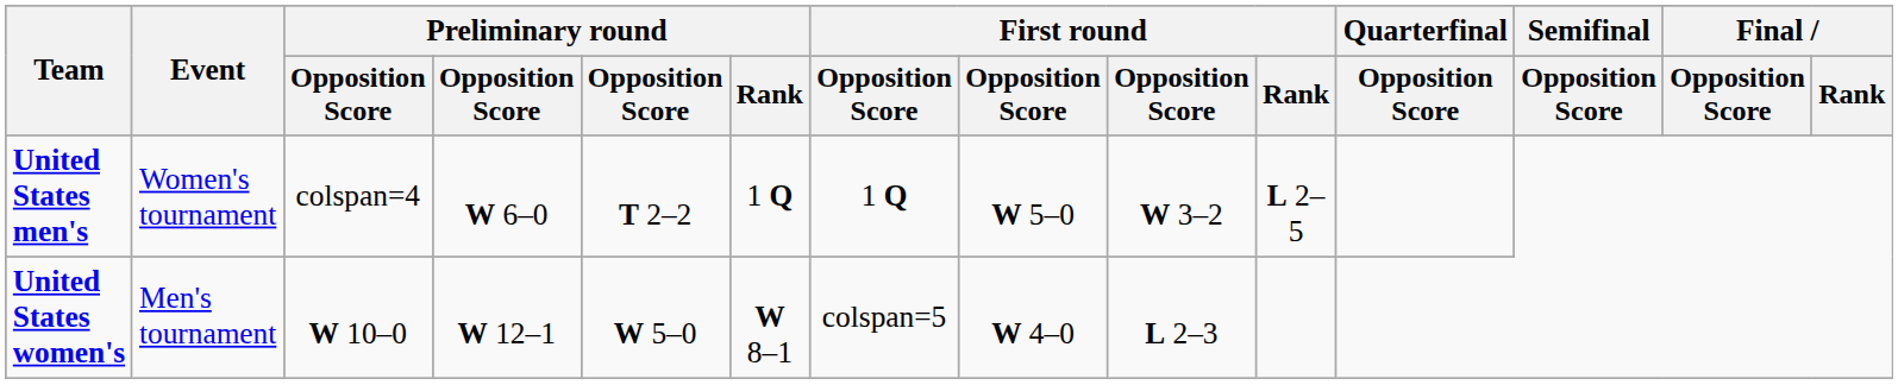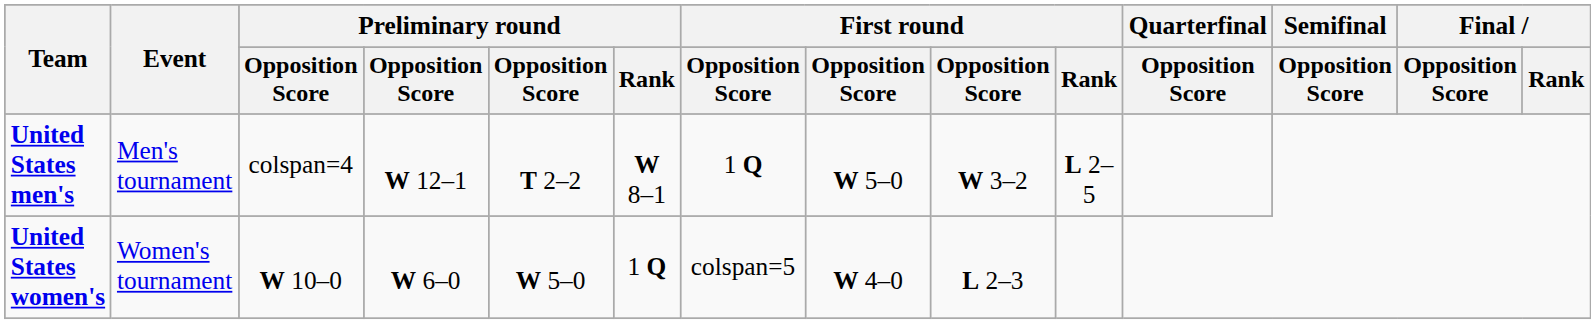 <table class=wikitable style=font-size:90%;text-align:center>
 <tr>
 <th rowspan=2>Team</th>
 <th rowspan=2>Event</th>
 <th colspan=4>Preliminary round</th>
 <th colspan=4>First round</th>
 <th>Quarterfinal</th>
 <th>Semifinal</th>
 <th colspan=2>Final / </th>
 </tr>
 <tr style=font-size:95%>
 <th>Opposition<br>Score</th>
 <th>Opposition<br>Score</th>
 <th>Opposition<br>Score</th>
 <th>Rank</th>
 <th>Opposition<br>Score</th>
 <th>Opposition<br>Score</th>
 <th>Opposition<br>Score</th>
 <th>Rank</th>
 <th>Opposition<br>Score</th>
 <th>Opposition<br>Score</th>
 <th>Opposition<br>Score</th>
 <th>Rank</th>
 </tr>
 <tr>
 <td align=left><strong><a href='#'>United States men's</a></strong></td>
-<td align=left><a href='#'>Women's tournament</a></td>
+<td align=left><a href='#'>Men's tournament</a></td>
 <td>colspan=4 </td>
-<td><br><strong>W</strong> 6–0</td>
+<td><br><strong>W</strong> 12–1</td>
 <td><br><strong>T</strong> 2–2</td>
-<td>1 <strong>Q</strong></td>
+<td><br><strong>W</strong> 8–1</td>
 <td>1 <strong>Q</strong></td>
 <td><br><strong>W</strong> 5–0</td>
 <td><br><strong>W</strong> 3–2</td>
 <td><br><strong>L</strong> 2–5</td>
 <td></td>
 </tr>
 <tr>
 <td align=left><strong><a href='#'>United States women's</a></strong></td>
-<td align=left><a href='#'>Men's tournament</a></td>
+<td align=left><a href='#'>Women's tournament</a></td>
 <td><br><strong>W</strong> 10–0</td>
-<td><br><strong>W</strong> 12–1</td>
+<td><br><strong>W</strong> 6–0</td>
 <td><br><strong>W</strong> 5–0</td>
-<td><br><strong>W</strong> 8–1</td>
+<td>1 <strong>Q</strong></td>
 <td>colspan=5 </td>
 <td><br><strong>W</strong> 4–0</td>
 <td><br><strong>L</strong> 2–3</td>
 <td></td>
 </tr>
 </table>
